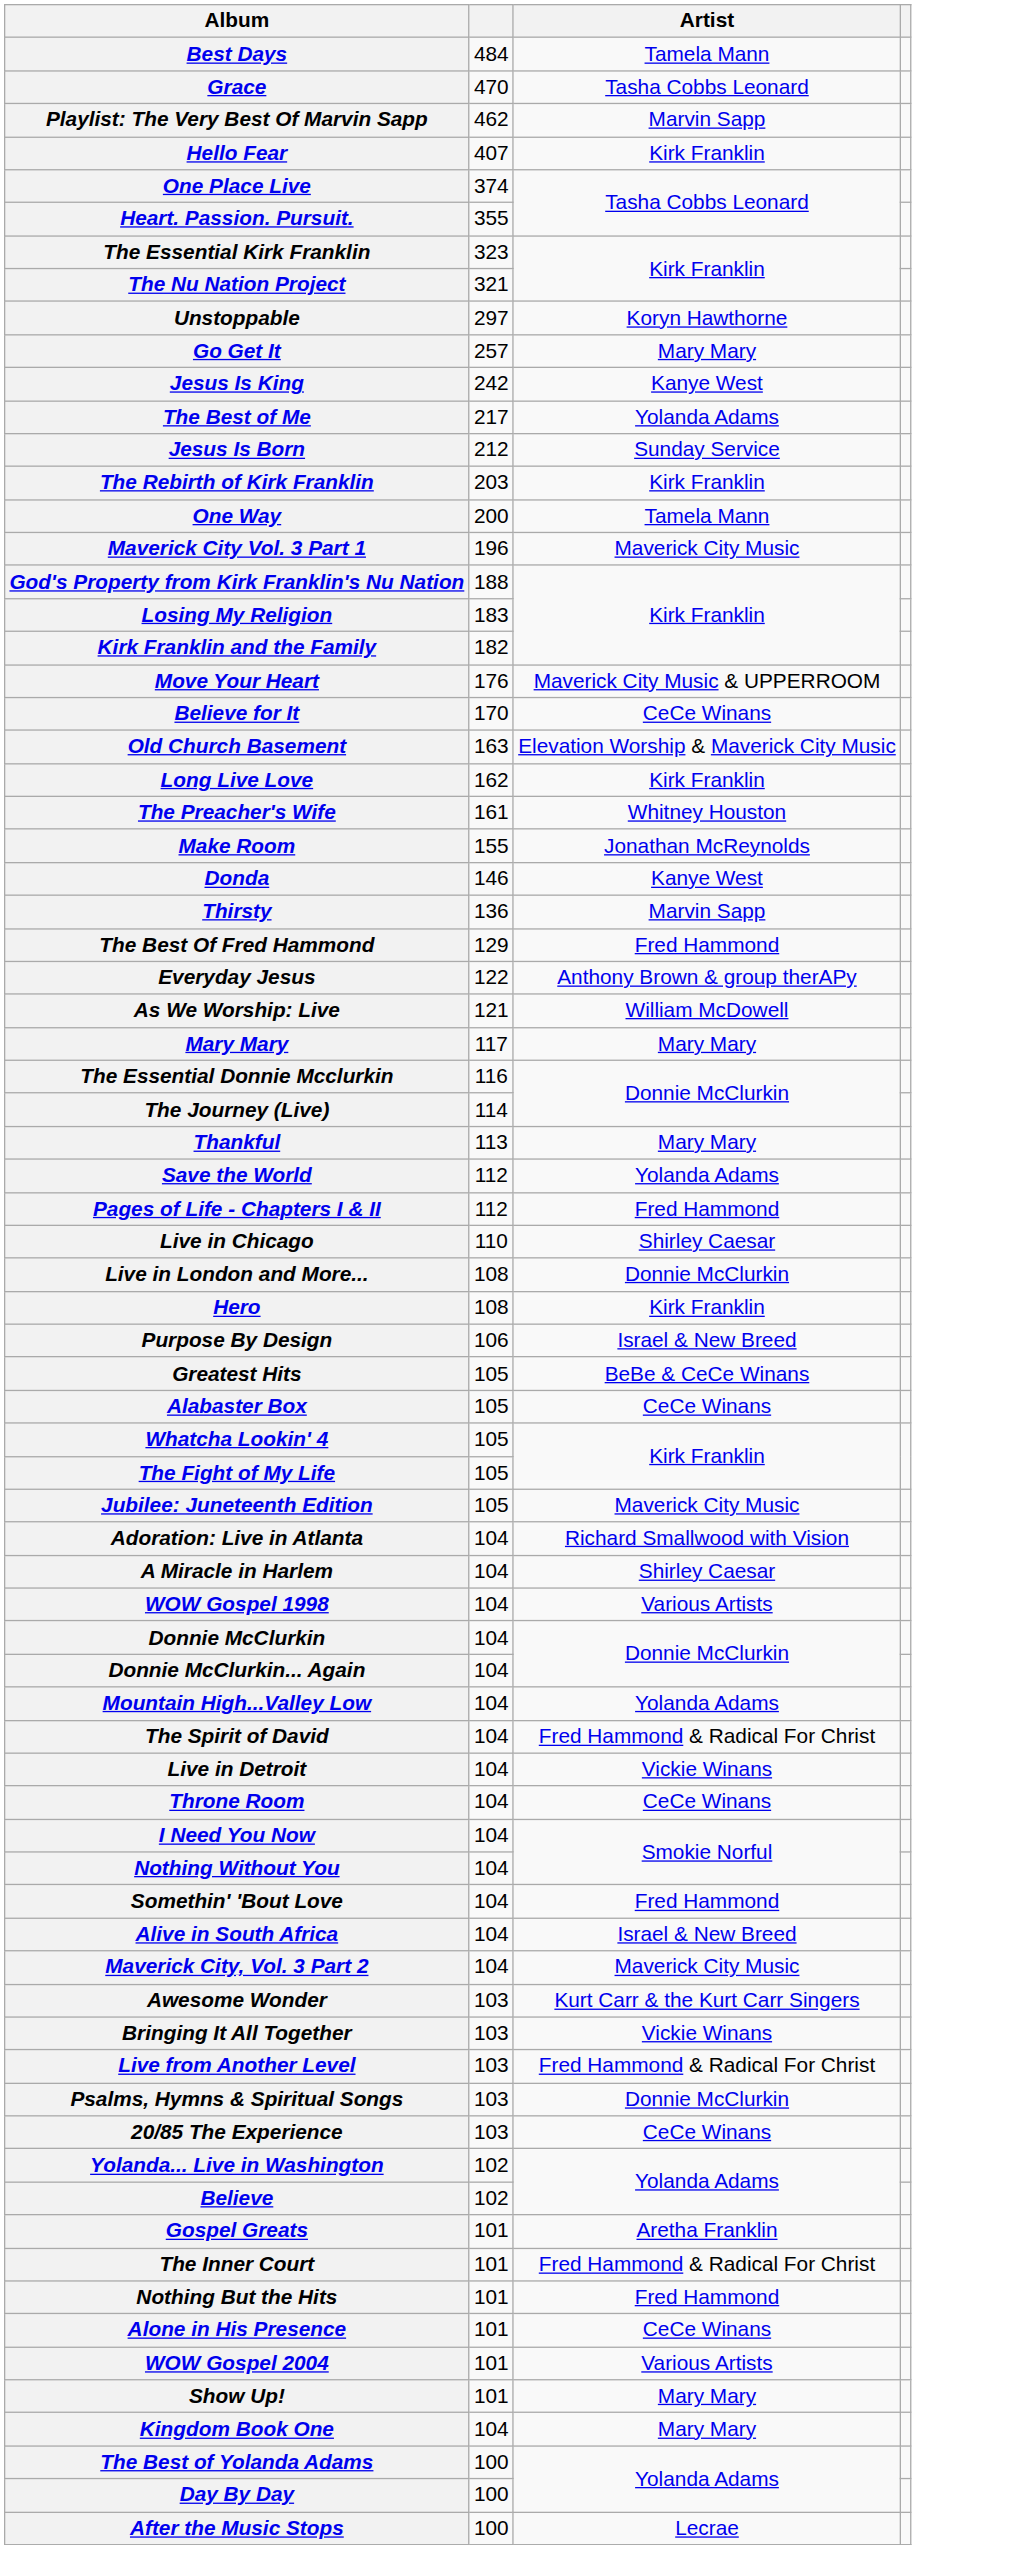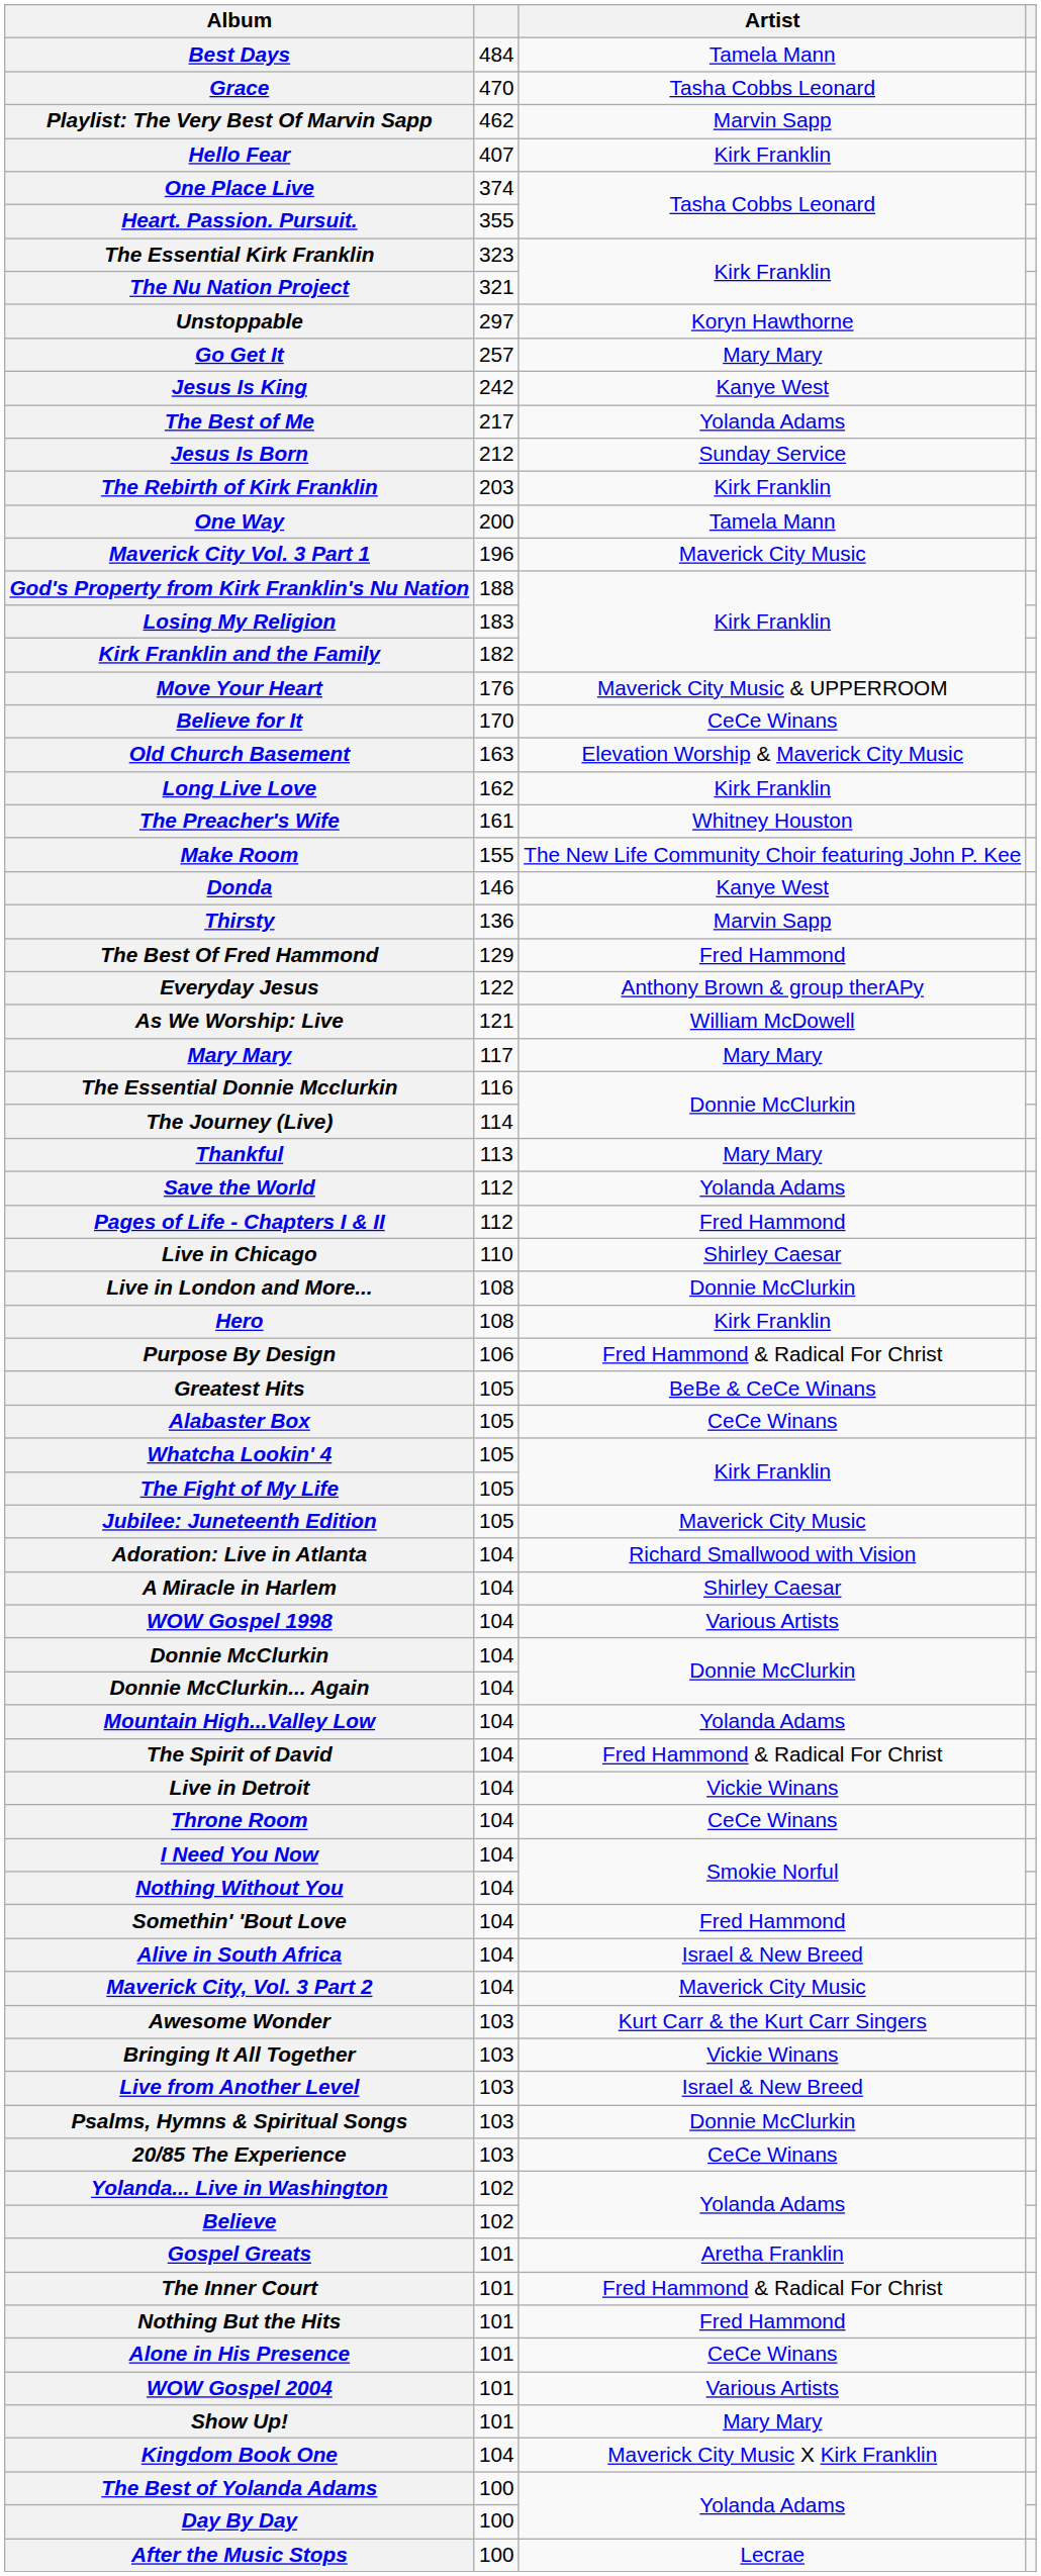 <table class="wikitable sortable plainrowheaders" style="text-align:center;" border="1";">
 <tr>
 <th scope=col>Album</th>
 <th scope=col></th>
 <th scope=col>Artist</th>
 <th scope=col class="unsortable"></th>
 </tr>
 <tr>
 <th scope="row"><em><a href='#'>Best Days</a></em></th>
 <td>484</td>
 <td><a href='#'>Tamela Mann</a></td>
 <td></td>
 </tr>
 <tr>
 <th scope="row"><em><a href='#'>Grace</a></em></th>
 <td>470</td>
 <td><a href='#'>Tasha Cobbs Leonard</a></td>
 <td></td>
 </tr>
 <tr>
 <th scope="row"><em>Playlist: The Very Best Of Marvin Sapp</em></th>
 <td>462</td>
 <td><a href='#'>Marvin Sapp</a></td>
 <td></td>
 </tr>
 <tr>
 <th scope="row"><em><a href='#'>Hello Fear</a></em></th>
 <td>407</td>
 <td><a href='#'>Kirk Franklin</a></td>
 <td></td>
 </tr>
 <tr>
 <th scope="row"><em><a href='#'>One Place Live</a></em></th>
 <td>374</td>
 <td rowspan="2"><a href='#'>Tasha Cobbs Leonard</a></td>
 <td></td>
 </tr>
 <tr>
 <th scope="row"><em><a href='#'>Heart. Passion. Pursuit.</a></em></th>
 <td>355</td>
 <td></td>
 </tr>
 <tr>
 <th scope="row"><em>The Essential Kirk Franklin</em></th>
 <td>323</td>
 <td rowspan="2"><a href='#'>Kirk Franklin</a></td>
 <td></td>
 </tr>
 <tr>
 <th scope="row"><em><a href='#'>The Nu Nation Project</a></em></th>
 <td>321</td>
 <td></td>
 </tr>
 <tr>
 <th scope="row"><em>Unstoppable</em></th>
 <td>297</td>
 <td><a href='#'>Koryn Hawthorne</a></td>
 <td></td>
 </tr>
 <tr>
 <th scope="row"><em><a href='#'>Go Get It</a></em></th>
 <td>257</td>
 <td><a href='#'>Mary Mary</a></td>
 <td></td>
 </tr>
 <tr>
 <th scope="row"><em><a href='#'>Jesus Is King</a></em></th>
 <td>242</td>
 <td><a href='#'>Kanye West</a></td>
 <td></td>
 </tr>
 <tr>
 <th scope="row"><em><a href='#'>The Best of Me</a></em></th>
 <td>217</td>
 <td><a href='#'>Yolanda Adams</a></td>
 <td></td>
 </tr>
 <tr>
 <th scope="row"><em><a href='#'>Jesus Is Born</a></em></th>
 <td>212</td>
 <td><a href='#'>Sunday Service</a></td>
 <td></td>
 </tr>
 <tr>
 <th scope="row"><em><a href='#'>The Rebirth of Kirk Franklin</a></em></th>
 <td>203</td>
 <td><a href='#'>Kirk Franklin</a></td>
 <td></td>
 </tr>
 <tr>
 <th scope="row"><em><a href='#'>One Way</a></em></th>
 <td>200</td>
 <td><a href='#'>Tamela Mann</a></td>
 <td></td>
 </tr>
 <tr>
 <th scope="row"><em><a href='#'>Maverick City Vol. 3 Part 1</a></em></th>
 <td>196</td>
 <td><a href='#'>Maverick City Music</a></td>
 <td></td>
 </tr>
 <tr>
 <th scope="row"><em><a href='#'>God's Property from Kirk Franklin's Nu Nation</a></em></th>
 <td>188</td>
 <td rowspan="3"><a href='#'>Kirk Franklin</a></td>
 <td></td>
 </tr>
 <tr>
 <th scope="row"><em><a href='#'>Losing My Religion</a></em></th>
 <td>183</td>
 <td></td>
 </tr>
 <tr>
 <th scope="row"><em><a href='#'>Kirk Franklin and the Family</a></em></th>
 <td>182</td>
 <td></td>
 </tr>
 <tr>
 <th scope="row"><em><a href='#'>Move Your Heart</a></em></th>
 <td>176</td>
 <td><a href='#'>Maverick City Music</a> & UPPERROOM</td>
 <td></td>
 </tr>
 <tr>
 <th scope="row"><em><a href='#'>Believe for It</a></em></th>
 <td>170</td>
 <td><a href='#'>CeCe Winans</a></td>
 <td></td>
 </tr>
 <tr>
 <th scope="row"><em><a href='#'>Old Church Basement</a></em></th>
 <td>163</td>
 <td><a href='#'>Elevation Worship</a> & <a href='#'>Maverick City Music</a></td>
 <td></td>
 </tr>
 <tr>
 <th scope="row"><em><a href='#'>Long Live Love</a></em></th>
 <td>162</td>
 <td><a href='#'>Kirk Franklin</a></td>
 <td></td>
 </tr>
 <tr>
 <th scope="row"><em><a href='#'>The Preacher's Wife</a></em></th>
 <td>161</td>
 <td><a href='#'>Whitney Houston</a></td>
 <td></td>
 </tr>
 <tr>
 <th scope="row"><em><a href='#'>Make Room</a></em></th>
 <td>155</td>
-<td><a href='#'>Jonathan McReynolds</a></td>
+<td><a href='#'>The New Life Community Choir featuring John P. Kee</a></td>
 <td></td>
 </tr>
 <tr>
 <th scope="row"><em><a href='#'>Donda</a></em></th>
 <td>146</td>
 <td><a href='#'>Kanye West</a></td>
 <td></td>
 </tr>
 <tr>
 <th scope="row"><em><a href='#'>Thirsty</a></em></th>
 <td>136</td>
 <td><a href='#'>Marvin Sapp</a></td>
 <td></td>
 </tr>
 <tr>
 <th scope="row"><em>The Best Of Fred Hammond</em></th>
 <td>129</td>
 <td><a href='#'>Fred Hammond</a></td>
 <td></td>
 </tr>
 <tr>
 <th scope="row"><em>Everyday Jesus</em></th>
 <td>122</td>
 <td><a href='#'>Anthony Brown & group therAPy</a></td>
 <td></td>
 </tr>
 <tr>
 <th scope="row"><em>As We Worship: Live</em></th>
 <td>121</td>
 <td><a href='#'>William McDowell</a></td>
 <td></td>
 </tr>
 <tr>
 <th scope="row"><em><a href='#'>Mary Mary</a></em></th>
 <td>117</td>
 <td><a href='#'>Mary Mary</a></td>
 <td></td>
 </tr>
 <tr>
 <th scope="row"><em>The Essential Donnie Mcclurkin</em></th>
 <td>116</td>
 <td rowspan="2"><a href='#'>Donnie McClurkin</a></td>
 <td></td>
 </tr>
 <tr>
 <th scope="row"><em>The Journey (Live)</em></th>
 <td>114</td>
 <td></td>
 </tr>
 <tr>
 <th scope="row"><em><a href='#'>Thankful</a></em></th>
 <td>113</td>
 <td><a href='#'>Mary Mary</a></td>
 <td></td>
 </tr>
 <tr>
 <th scope="row"><em><a href='#'>Save the World</a></em></th>
 <td>112</td>
 <td><a href='#'>Yolanda Adams</a></td>
 <td></td>
 </tr>
 <tr>
 <th scope="row"><em><a href='#'>Pages of Life - Chapters I & II</a></em></th>
 <td>112</td>
 <td><a href='#'>Fred Hammond</a></td>
 <td></td>
 </tr>
 <tr>
 <th scope="row"><em>Live in Chicago</em></th>
 <td>110</td>
 <td><a href='#'>Shirley Caesar</a></td>
 <td></td>
 </tr>
 <tr>
 <th scope="row"><em>Live in London and More...</em></th>
 <td>108</td>
 <td><a href='#'>Donnie McClurkin</a></td>
 <td></td>
 </tr>
 <tr>
 <th scope="row"><em><a href='#'>Hero</a></em></th>
 <td>108</td>
 <td><a href='#'>Kirk Franklin</a></td>
 <td></td>
 </tr>
 <tr>
 <th scope="row"><em>Purpose By Design</em></th>
 <td>106</td>
-<td><a href='#'>Israel & New Breed</a></td>
+<td><a href='#'>Fred Hammond</a> & Radical For Christ</td>
 <td></td>
 </tr>
 <tr>
 <th scope="row"><em>Greatest Hits</em></th>
 <td>105</td>
 <td><a href='#'>BeBe & CeCe Winans</a></td>
 <td></td>
 </tr>
 <tr>
 <th scope="row"><em><a href='#'>Alabaster Box</a></em></th>
 <td>105</td>
 <td><a href='#'>CeCe Winans</a></td>
 <td></td>
 </tr>
 <tr>
 <th scope="row"><em><a href='#'>Whatcha Lookin' 4</a></em></th>
 <td>105</td>
 <td rowspan="2"><a href='#'>Kirk Franklin</a></td>
 <td rowspan="2"></td>
 </tr>
 <tr>
 <th scope="row"><em><a href='#'>The Fight of My Life</a></em></th>
 <td>105</td>
 </tr>
 <tr>
 <th scope="row"><em><a href='#'>Jubilee: Juneteenth Edition</a></em></th>
 <td>105</td>
 <td><a href='#'>Maverick City Music</a></td>
 <td></td>
 </tr>
 <tr>
 <th scope="row"><em>Adoration: Live in Atlanta</em></th>
 <td>104</td>
 <td><a href='#'>Richard Smallwood with Vision</a></td>
 <td></td>
 </tr>
 <tr>
 <th scope="row"><em>A Miracle in Harlem</em></th>
 <td>104</td>
 <td><a href='#'>Shirley Caesar</a></td>
 <td></td>
 </tr>
 <tr>
 <th scope="row"><em><a href='#'>WOW Gospel 1998</a></em></th>
 <td>104</td>
 <td><a href='#'>Various Artists</a></td>
 <td></td>
 </tr>
 <tr>
 <th scope="row"><em>Donnie McClurkin</em></th>
 <td>104</td>
 <td rowspan="2"><a href='#'>Donnie McClurkin</a></td>
 <td></td>
 </tr>
 <tr>
 <th scope="row"><em>Donnie McClurkin... Again</em></th>
 <td>104</td>
 <td></td>
 </tr>
 <tr>
 <th scope="row"><em><a href='#'>Mountain High...Valley Low</a></em></th>
 <td>104</td>
 <td><a href='#'>Yolanda Adams</a></td>
 <td></td>
 </tr>
 <tr>
 <th scope="row"><em>The Spirit of David</em></th>
 <td>104</td>
 <td><a href='#'>Fred Hammond</a> & Radical For Christ</td>
 <td></td>
 </tr>
 <tr>
 <th scope="row"><em>Live in Detroit</em></th>
 <td>104</td>
 <td><a href='#'>Vickie Winans</a></td>
 <td></td>
 </tr>
 <tr>
 <th scope="row"><em><a href='#'>Throne Room</a></em></th>
 <td>104</td>
 <td><a href='#'>CeCe Winans</a></td>
 <td></td>
 </tr>
 <tr>
 <th scope="row"><em><a href='#'>I Need You Now</a></em></th>
 <td>104</td>
 <td rowspan="2"><a href='#'>Smokie Norful</a></td>
 <td></td>
 </tr>
 <tr>
 <th scope="row"><em><a href='#'>Nothing Without You</a></em></th>
 <td>104</td>
 <td></td>
 </tr>
 <tr>
 <th scope="row"><em>Somethin' 'Bout Love</em></th>
 <td>104</td>
 <td><a href='#'>Fred Hammond</a></td>
 <td></td>
 </tr>
 <tr>
 <th scope="row"><em><a href='#'>Alive in South Africa</a></em></th>
 <td>104</td>
 <td><a href='#'>Israel & New Breed</a></td>
 <td></td>
 </tr>
 <tr>
 <th scope="row"><em><a href='#'>Maverick City, Vol. 3 Part 2</a></em></th>
 <td>104</td>
 <td><a href='#'>Maverick City Music</a></td>
 <td></td>
 </tr>
 <tr>
 <th scope="row"><em>Awesome Wonder</em></th>
 <td>103</td>
 <td><a href='#'>Kurt Carr & the Kurt Carr Singers</a></td>
 <td></td>
 </tr>
 <tr>
 <th scope="row"><em>Bringing It All Together</em></th>
 <td>103</td>
 <td><a href='#'>Vickie Winans</a></td>
 <td></td>
 </tr>
 <tr>
 <th scope="row"><em><a href='#'>Live from Another Level</a></em></th>
 <td>103</td>
-<td><a href='#'>Fred Hammond</a> & Radical For Christ</td>
+<td><a href='#'>Israel & New Breed</a></td>
 <td></td>
 </tr>
 <tr>
 <th scope="row"><em>Psalms, Hymns & Spiritual Songs</em></th>
 <td>103</td>
 <td><a href='#'>Donnie McClurkin</a></td>
 <td></td>
 </tr>
 <tr>
 <th scope="row"><em>20/85 The Experience</em></th>
 <td>103</td>
 <td><a href='#'>CeCe Winans</a></td>
 <td></td>
 </tr>
 <tr>
 <th scope="row"><em><a href='#'>Yolanda... Live in Washington</a></em></th>
 <td>102</td>
 <td rowspan="2"><a href='#'>Yolanda Adams</a></td>
 <td></td>
 </tr>
 <tr>
 <th scope="row"><em><a href='#'>Believe</a></em></th>
 <td>102</td>
 <td></td>
 </tr>
 <tr>
 <th scope="row"><em><a href='#'>Gospel Greats</a></em></th>
 <td>101</td>
 <td><a href='#'>Aretha Franklin</a></td>
 <td></td>
 </tr>
 <tr>
 <th scope="row"><em>The Inner Court</em></th>
 <td>101</td>
 <td><a href='#'>Fred Hammond</a> & Radical For Christ</td>
 <td></td>
 </tr>
 <tr>
 <th scope="row"><em>Nothing But the Hits</em></th>
 <td>101</td>
 <td><a href='#'>Fred Hammond</a></td>
 <td></td>
 </tr>
 <tr>
 <th scope="row"><em><a href='#'>Alone in His Presence</a></em></th>
 <td>101</td>
 <td><a href='#'>CeCe Winans</a></td>
 <td></td>
 </tr>
 <tr>
 <th scope="row"><em><a href='#'>WOW Gospel 2004</a></em></th>
 <td>101</td>
 <td><a href='#'>Various Artists</a></td>
 <td></td>
 </tr>
 <tr>
 <th scope="row"><em>Show Up!</em></th>
 <td>101</td>
 <td><a href='#'>Mary Mary</a></td>
 <td></td>
 </tr>
 <tr>
 <th scope="row"><em><a href='#'>Kingdom Book One</a></em></th>
 <td>104</td>
-<td><a href='#'>Mary Mary</a></td>
+<td><a href='#'>Maverick City Music</a> X <a href='#'>Kirk Franklin</a></td>
 <td></td>
 </tr>
 <tr>
 <th scope="row"><em><a href='#'>The Best of Yolanda Adams</a></em></th>
 <td>100</td>
 <td rowspan="2"><a href='#'>Yolanda Adams</a></td>
 <td></td>
 </tr>
 <tr>
 <th scope="row"><em><a href='#'>Day By Day</a></em></th>
 <td>100</td>
 <td></td>
 </tr>
 <tr>
 <th scope="row"><em><a href='#'>After the Music Stops</a></em></th>
 <td>100</td>
 <td><a href='#'>Lecrae</a></td>
 <td></td>
 </tr>
 <tr>
 </tr>
 </table>
